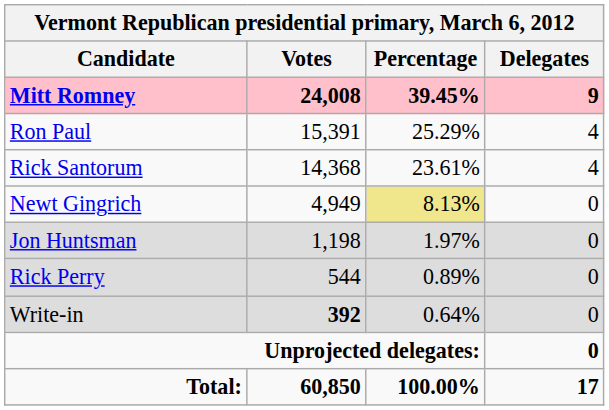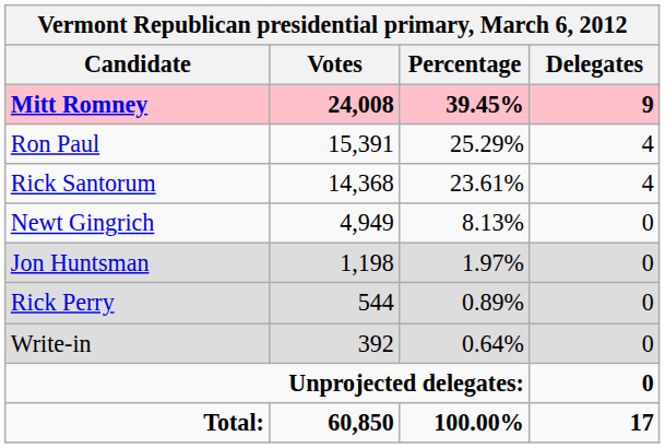 <table class="wikitable" style="font-size:95%;">
 <tr>
 <th colspan="4">Vermont Republican presidential primary, March 6, 2012</th>
 </tr>
 <tr>
 <th style="width:160px;">Candidate</th>
 <th style="width:75px;">Votes</th>
 <th style="width:75px;">Percentage</th>
 <th style="width:75px;">Delegates</th>
 </tr>
 <tr style="text-align:right; background:pink;">
 <td style="text-align:left;"> <strong><a href='#'>Mitt Romney</a></strong></td>
 <td><strong>24,008</strong></td>
 <td><strong>39.45%</strong></td>
 <td><strong>9</strong></td>
 </tr>
 <tr style="text-align:right;">
 <td style="text-align:left;"><a href='#'>Ron Paul</a></td>
 <td>15,391</td>
 <td>25.29%</td>
 <td>4</td>
 </tr>
 <tr style="text-align:right;">
 <td style="text-align:left;"><a href='#'>Rick Santorum</a></td>
 <td>14,368</td>
 <td>23.61%</td>
 <td>4</td>
 </tr>
 <tr style="text-align:right;">
 <td style="text-align:left;"><a href='#'>Newt Gingrich</a></td>
 <td>4,949</td>
-<td style="background: khaki;">8.13%</td>
+<td>8.13%</td>
 <td>0</td>
 </tr>
 <tr style="text-align:right;" bgcolor="#DDDDDD" |>
 <td style="text-align:left;"><a href='#'>Jon Huntsman</a></td>
 <td>1,198</td>
 <td>1.97%</td>
 <td>0</td>
 </tr>
 <tr style="text-align:right;" bgcolor="#DDDDDD" |>
 <td style="text-align:left;"><a href='#'>Rick Perry</a></td>
 <td>544</td>
 <td>0.89%</td>
 <td>0</td>
 </tr>
 <tr style="text-align:right;" bgcolor="#DDDDDD" |>
 <td style="text-align:left;">Write-in</td>
-<td><strong>392</strong></td>
+<td>392</td>
 <td>0.64%</td>
 <td>0</td>
 </tr>
 <tr style="text-align:right;">
 <td colspan="3"><strong>Unprojected delegates:</strong></td>
 <td><strong>0</strong></td>
 </tr>
 <tr style="text-align:right;">
 <td><strong>Total:</strong></td>
 <td><strong>60,850</strong></td>
 <td><strong>100.00%</strong></td>
 <td><strong>17</strong></td>
 </tr>
 </table>
